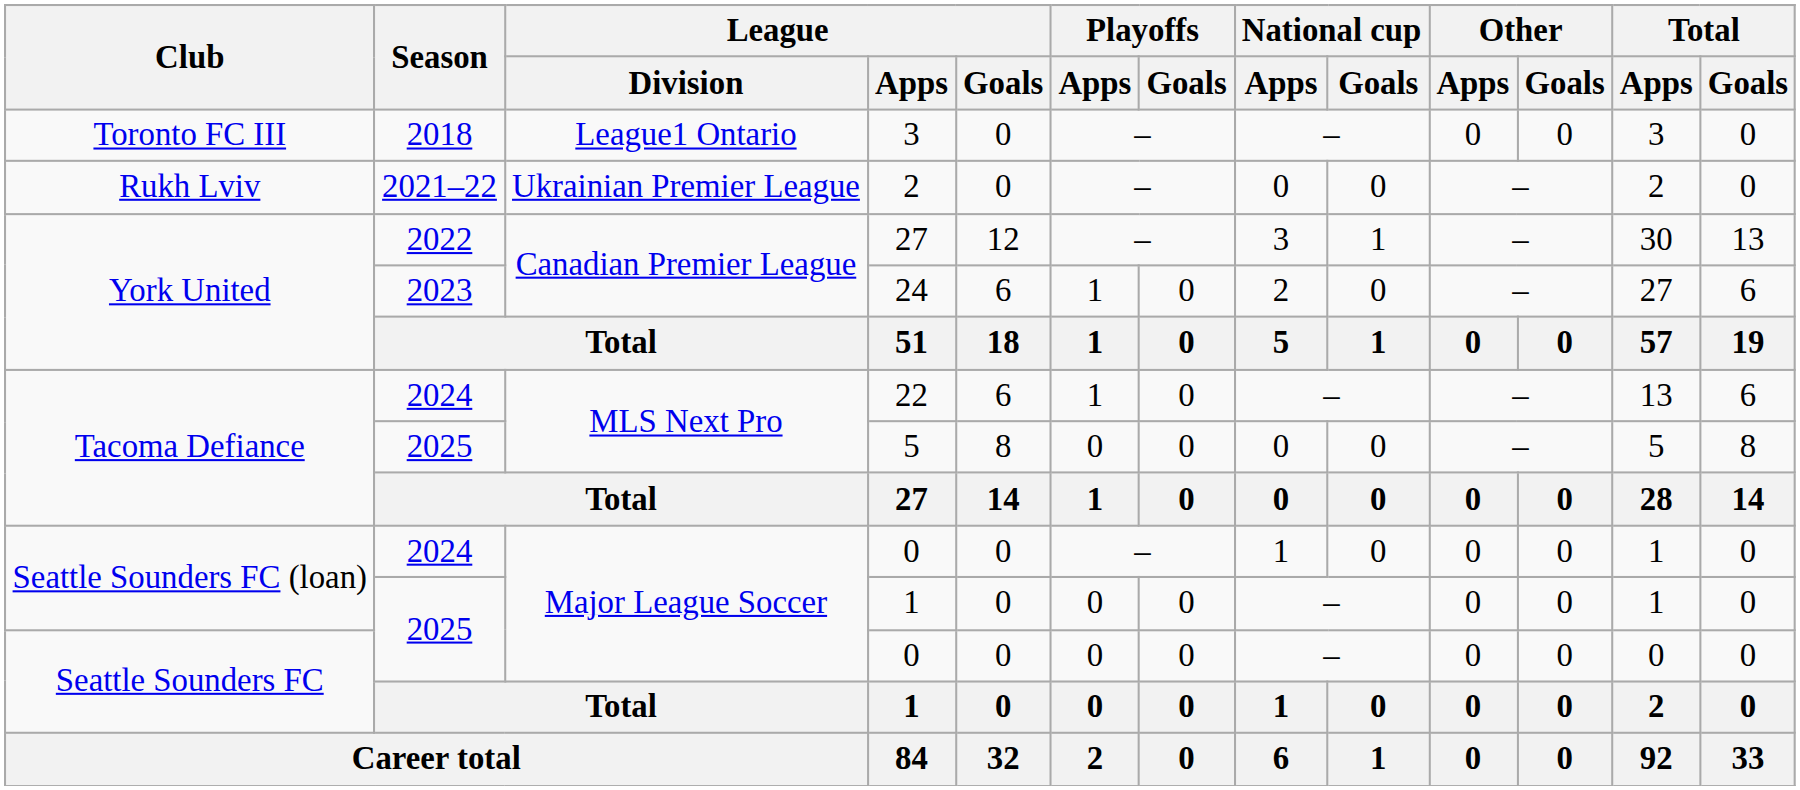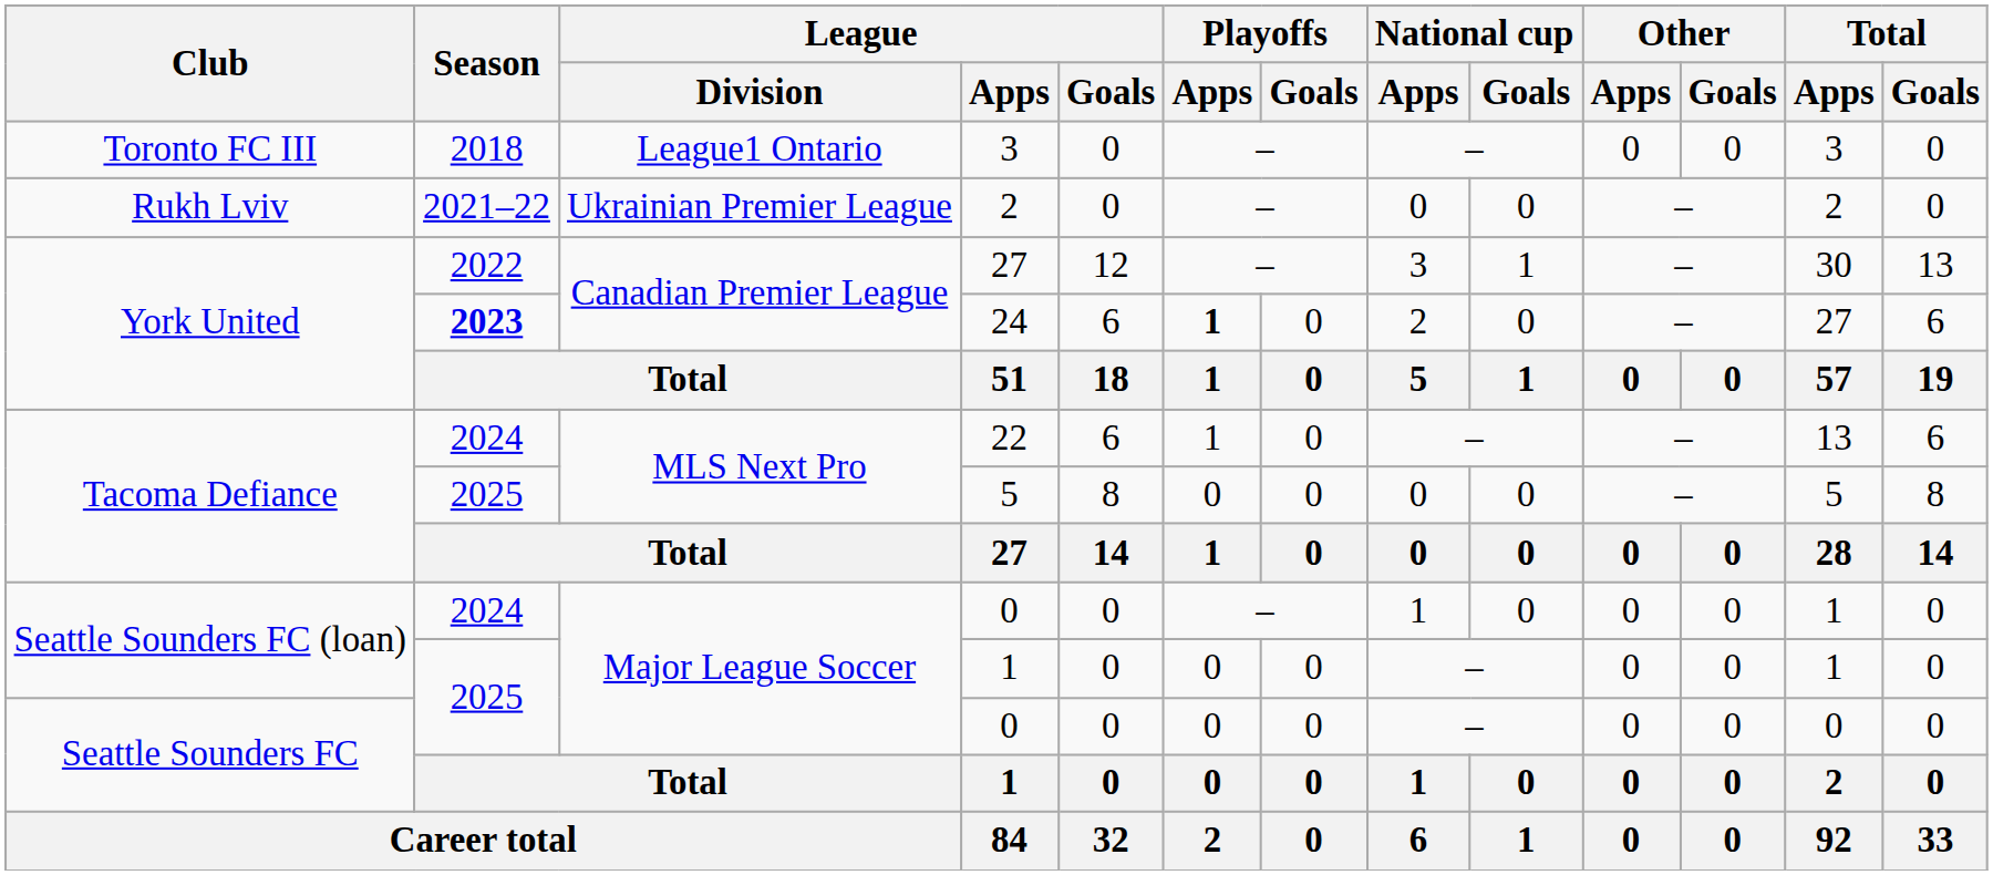 <table class="wikitable" style="text-align:center">
 <tr>
 <th rowspan="2">Club</th>
 <th rowspan="2">Season</th>
 <th colspan="3">League</th>
 <th colspan="2">Playoffs</th>
 <th colspan="2">National cup</th>
 <th colspan="2">Other</th>
 <th colspan="2">Total</th>
 </tr>
 <tr>
 <th>Division</th>
 <th>Apps</th>
 <th>Goals</th>
 <th>Apps</th>
 <th>Goals</th>
 <th>Apps</th>
 <th>Goals</th>
 <th>Apps</th>
 <th>Goals</th>
 <th>Apps</th>
 <th>Goals</th>
 </tr>
 <tr>
 <td><a href='#'>Toronto FC III</a></td>
 <td><a href='#'>2018</a></td>
 <td><a href='#'>League1 Ontario</a></td>
 <td>3</td>
 <td>0</td>
 <td colspan="2">–</td>
 <td colspan="2">–</td>
 <td>0</td>
 <td>0</td>
 <td>3</td>
 <td>0</td>
 </tr>
 <tr>
 <td><a href='#'>Rukh Lviv</a></td>
 <td><a href='#'>2021–22</a></td>
 <td><a href='#'>Ukrainian Premier League</a></td>
 <td>2</td>
 <td>0</td>
 <td colspan="2">–</td>
 <td>0</td>
 <td>0</td>
 <td colspan="2">–</td>
 <td>2</td>
 <td>0</td>
 </tr>
 <tr>
 <td rowspan=3><a href='#'>York United</a></td>
 <td><a href='#'>2022</a></td>
 <td rowspan=2><a href='#'>Canadian Premier League</a></td>
 <td>27</td>
 <td>12</td>
 <td colspan="2">–</td>
 <td>3</td>
 <td>1</td>
 <td colspan="2">–</td>
 <td>30</td>
 <td>13</td>
 </tr>
 <tr>
-<td><a href='#'>2023</a></td>
+<td><strong><a href='#'>2023</a></strong></td>
 <td>24</td>
 <td>6</td>
-<td>1</td>
+<td><strong>1</strong></td>
 <td>0</td>
 <td>2</td>
 <td>0</td>
 <td colspan="2">–</td>
 <td>27</td>
 <td>6</td>
 </tr>
 <tr>
 <th colspan="2">Total</th>
 <th>51</th>
 <th>18</th>
 <th>1</th>
 <th>0</th>
 <th>5</th>
 <th>1</th>
 <th>0</th>
 <th>0</th>
 <th>57</th>
 <th>19</th>
 </tr>
 <tr>
 <td rowspan=3><a href='#'>Tacoma Defiance</a></td>
 <td><a href='#'>2024</a></td>
 <td rowspan=2><a href='#'>MLS Next Pro</a></td>
 <td>22</td>
 <td>6</td>
 <td>1</td>
 <td>0</td>
 <td colspan="2">–</td>
 <td colspan="2">–</td>
 <td>13</td>
 <td>6</td>
 </tr>
 <tr>
 <td><a href='#'>2025</a></td>
 <td>5</td>
 <td>8</td>
 <td>0</td>
 <td>0</td>
 <td>0</td>
 <td>0</td>
 <td colspan="2">–</td>
 <td>5</td>
 <td>8</td>
 </tr>
 <tr>
 <th colspan="2">Total</th>
 <th>27</th>
 <th>14</th>
 <th>1</th>
 <th>0</th>
 <th>0</th>
 <th>0</th>
 <th>0</th>
 <th>0</th>
 <th>28</th>
 <th>14</th>
 </tr>
 <tr>
 <td rowspan=2><a href='#'>Seattle Sounders FC</a> (loan)</td>
 <td><a href='#'>2024</a></td>
 <td rowspan=3><a href='#'>Major League Soccer</a></td>
 <td>0</td>
 <td>0</td>
 <td colspan="2">–</td>
 <td>1</td>
 <td>0</td>
 <td>0</td>
 <td>0</td>
 <td>1</td>
 <td>0</td>
 </tr>
 <tr>
 <td rowspan=2><a href='#'>2025</a></td>
 <td>1</td>
 <td>0</td>
 <td>0</td>
 <td>0</td>
 <td colspan="2">–</td>
 <td>0</td>
 <td>0</td>
 <td>1</td>
 <td>0</td>
 </tr>
 <tr>
 <td rowspan=2><a href='#'>Seattle Sounders FC</a></td>
 <td>0</td>
 <td>0</td>
 <td>0</td>
 <td>0</td>
 <td colspan="2">–</td>
 <td>0</td>
 <td>0</td>
 <td>0</td>
 <td>0</td>
 </tr>
 <tr>
 <th colspan="2">Total</th>
 <th>1</th>
 <th>0</th>
 <th>0</th>
 <th>0</th>
 <th>1</th>
 <th>0</th>
 <th>0</th>
 <th>0</th>
 <th>2</th>
 <th>0</th>
 </tr>
 <tr>
 <th colspan="3">Career total</th>
 <th>84</th>
 <th>32</th>
 <th>2</th>
 <th>0</th>
 <th>6</th>
 <th>1</th>
 <th>0</th>
 <th>0</th>
 <th>92</th>
 <th>33</th>
 </tr>
 </table>
